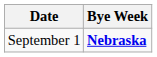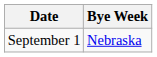 <table class="wikitable" style="font-size:95%;">
 <tr>
 <th>Date</th>
 <th>Bye Week</th>
 </tr>
 <tr>
 <td>September 1</td>
-<td><strong><a href='#'>Nebraska</a></strong></td>
+<td><a href='#'>Nebraska</a></td>
 </tr>
 </table>
